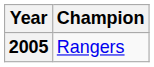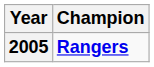 <table class="wikitable">
 <tr>
 <th>Year</th>
 <th>Champion</th>
 </tr>
 <tr>
 <th>2005</th>
-<td> <a href='#'>Rangers</a></td>
+<td><strong> <a href='#'>Rangers</a></strong></td>
 </tr>
 </table>
